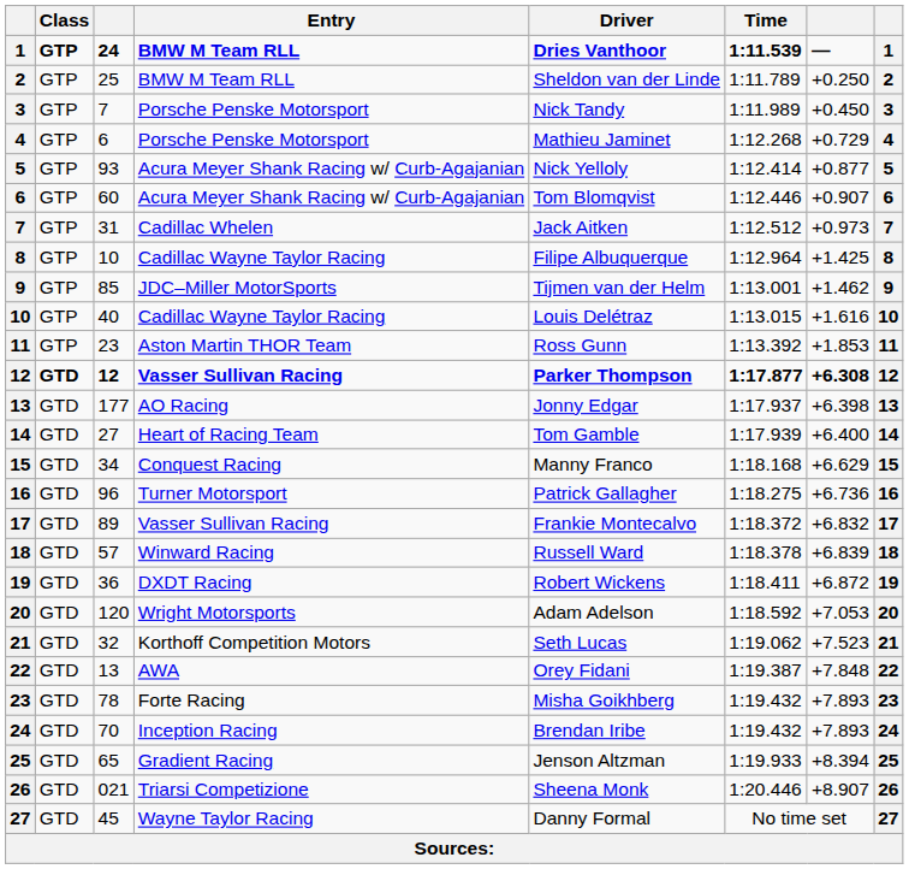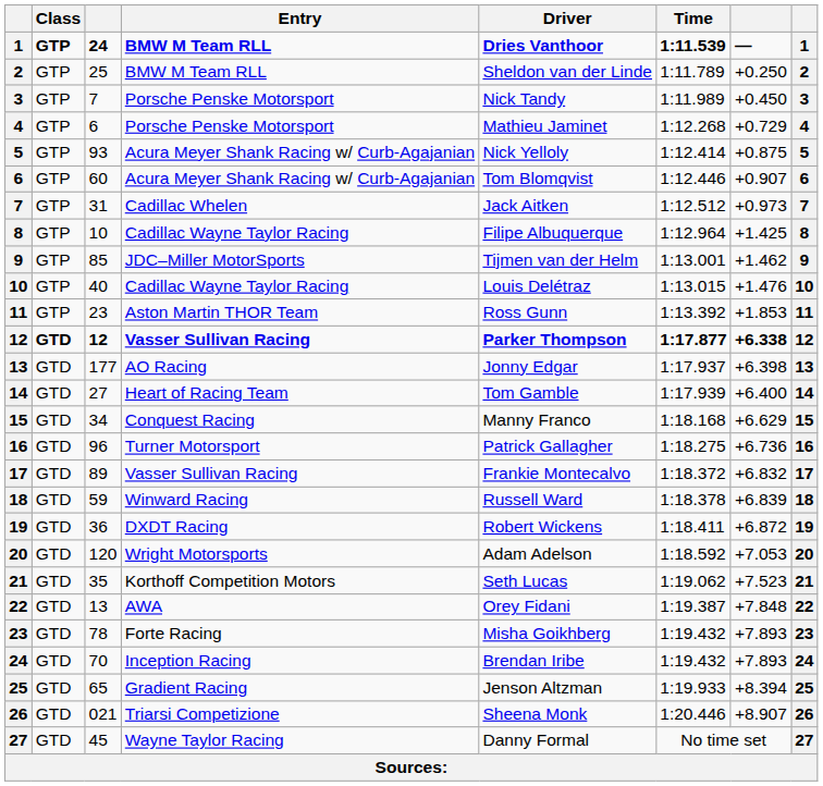 <table class="wikitable" style="font-size:90%;">
 <tr>
 <th></th>
 <th>Class</th>
 <th></th>
 <th>Entry</th>
 <th>Driver</th>
 <th>Time</th>
 <th></th>
 <th></th>
 </tr>
 <tr style="font-weight:bold;">
 <th>1</th>
 <td>GTP</td>
 <td>24</td>
 <td> <a href='#'>BMW M Team RLL</a></td>
 <td> <a href='#'>Dries Vanthoor</a></td>
 <td>1:11.539</td>
 <td>—</td>
 <th>1</th>
 </tr>
 <tr>
 <th>2</th>
 <td>GTP</td>
 <td>25</td>
 <td> <a href='#'>BMW M Team RLL</a></td>
 <td> <a href='#'>Sheldon van der Linde</a></td>
 <td>1:11.789</td>
 <td>+0.250</td>
 <th>2</th>
 </tr>
 <tr>
 <th>3</th>
 <td>GTP</td>
 <td>7</td>
 <td> <a href='#'>Porsche Penske Motorsport</a></td>
 <td> <a href='#'>Nick Tandy</a></td>
 <td>1:11.989</td>
 <td>+0.450</td>
 <th>3</th>
 </tr>
 <tr>
 <th>4</th>
 <td>GTP</td>
 <td>6</td>
 <td> <a href='#'>Porsche Penske Motorsport</a></td>
 <td> <a href='#'>Mathieu Jaminet</a></td>
 <td>1:12.268</td>
 <td>+0.729</td>
 <th>4</th>
 </tr>
 <tr>
 <th>5</th>
 <td>GTP</td>
 <td>93</td>
 <td> <a href='#'>Acura Meyer Shank Racing</a> w/ <a href='#'>Curb-Agajanian</a></td>
 <td> <a href='#'>Nick Yelloly</a></td>
 <td>1:12.414</td>
-<td>+0.877</td>
+<td>+0.875</td>
 <th>5</th>
 </tr>
 <tr>
 <th>6</th>
 <td>GTP</td>
 <td>60</td>
 <td> <a href='#'>Acura Meyer Shank Racing</a> w/ <a href='#'>Curb-Agajanian</a></td>
 <td> <a href='#'>Tom Blomqvist</a></td>
 <td>1:12.446</td>
 <td>+0.907</td>
 <th>6</th>
 </tr>
 <tr>
 <th>7</th>
 <td>GTP</td>
 <td>31</td>
 <td> <a href='#'>Cadillac Whelen</a></td>
 <td> <a href='#'>Jack Aitken</a></td>
 <td>1:12.512</td>
 <td>+0.973</td>
 <th>7</th>
 </tr>
 <tr>
 <th>8</th>
 <td>GTP</td>
 <td>10</td>
 <td> <a href='#'>Cadillac Wayne Taylor Racing</a></td>
 <td> <a href='#'>Filipe Albuquerque</a></td>
 <td>1:12.964</td>
 <td>+1.425</td>
 <th>8</th>
 </tr>
 <tr>
 <th>9</th>
 <td>GTP</td>
 <td>85</td>
 <td> <a href='#'>JDC–Miller MotorSports</a></td>
 <td> <a href='#'>Tijmen van der Helm</a></td>
 <td>1:13.001</td>
 <td>+1.462</td>
 <th>9</th>
 </tr>
 <tr>
 <th>10</th>
 <td>GTP</td>
 <td>40</td>
 <td> <a href='#'>Cadillac Wayne Taylor Racing</a></td>
 <td> <a href='#'>Louis Delétraz</a></td>
 <td>1:13.015</td>
-<td>+1.616</td>
+<td>+1.476</td>
 <th>10</th>
 </tr>
 <tr>
 <th>11</th>
 <td>GTP</td>
 <td>23</td>
 <td> <a href='#'>Aston Martin THOR Team</a></td>
 <td> <a href='#'>Ross Gunn</a></td>
 <td>1:13.392</td>
 <td>+1.853</td>
 <th>11</th>
 </tr>
 <tr style="font-weight:bold;">
 <th>12</th>
 <td>GTD</td>
 <td>12</td>
 <td> <a href='#'>Vasser Sullivan Racing</a></td>
 <td> <a href='#'>Parker Thompson</a></td>
 <td>1:17.877</td>
-<td>+6.308</td>
+<td>+6.338</td>
 <th>12</th>
 </tr>
 <tr>
 <th>13</th>
 <td>GTD</td>
 <td>177</td>
 <td> <a href='#'>AO Racing</a></td>
 <td> <a href='#'>Jonny Edgar</a></td>
 <td>1:17.937</td>
 <td>+6.398</td>
 <th>13</th>
 </tr>
 <tr>
 <th>14</th>
 <td>GTD</td>
 <td>27</td>
 <td> <a href='#'>Heart of Racing Team</a></td>
 <td> <a href='#'>Tom Gamble</a></td>
 <td>1:17.939</td>
 <td>+6.400</td>
 <th>14</th>
 </tr>
 <tr>
 <th>15</th>
 <td>GTD</td>
 <td>34</td>
 <td> <a href='#'>Conquest Racing</a></td>
 <td> Manny Franco</td>
 <td>1:18.168</td>
 <td>+6.629</td>
 <th>15</th>
 </tr>
 <tr>
 <th>16</th>
 <td>GTD</td>
 <td>96</td>
 <td> <a href='#'>Turner Motorsport</a></td>
 <td> <a href='#'>Patrick Gallagher</a></td>
 <td>1:18.275</td>
 <td>+6.736</td>
 <th>16</th>
 </tr>
 <tr>
 <th>17</th>
 <td>GTD</td>
 <td>89</td>
 <td> <a href='#'>Vasser Sullivan Racing</a></td>
 <td> <a href='#'>Frankie Montecalvo</a></td>
 <td>1:18.372</td>
 <td>+6.832</td>
 <th>17</th>
 </tr>
 <tr>
 <th>18</th>
 <td>GTD</td>
-<td>57</td>
+<td>59</td>
 <td> <a href='#'>Winward Racing</a></td>
 <td> <a href='#'>Russell Ward</a></td>
 <td>1:18.378</td>
 <td>+6.839</td>
 <th>18</th>
 </tr>
 <tr>
 <th>19</th>
 <td>GTD</td>
 <td>36</td>
 <td> <a href='#'>DXDT Racing</a></td>
 <td> <a href='#'>Robert Wickens</a></td>
 <td>1:18.411</td>
 <td>+6.872</td>
 <th>19</th>
 </tr>
 <tr>
 <th>20</th>
 <td>GTD</td>
 <td>120</td>
 <td> <a href='#'>Wright Motorsports</a></td>
 <td> Adam Adelson</td>
 <td>1:18.592</td>
 <td>+7.053</td>
 <th>20</th>
 </tr>
 <tr>
 <th>21</th>
 <td>GTD</td>
-<td>32</td>
+<td>35</td>
 <td> Korthoff Competition Motors</td>
 <td> <a href='#'>Seth Lucas</a></td>
 <td>1:19.062</td>
 <td>+7.523</td>
 <th>21</th>
 </tr>
 <tr>
 <th>22</th>
 <td>GTD</td>
 <td>13</td>
 <td> <a href='#'>AWA</a></td>
 <td> <a href='#'>Orey Fidani</a></td>
 <td>1:19.387</td>
 <td>+7.848</td>
 <th>22</th>
 </tr>
 <tr>
 <th>23</th>
 <td>GTD</td>
 <td>78</td>
 <td> Forte Racing</td>
 <td> <a href='#'>Misha Goikhberg</a></td>
 <td>1:19.432</td>
 <td>+7.893</td>
 <th>23</th>
 </tr>
 <tr>
 <th>24</th>
 <td>GTD</td>
 <td>70</td>
 <td> <a href='#'>Inception Racing</a></td>
 <td> <a href='#'>Brendan Iribe</a></td>
 <td>1:19.432</td>
 <td>+7.893</td>
 <th>24</th>
 </tr>
 <tr>
 <th>25</th>
 <td>GTD</td>
 <td>65</td>
 <td> <a href='#'>Gradient Racing</a></td>
 <td> Jenson Altzman</td>
 <td>1:19.933</td>
 <td>+8.394</td>
 <th>25</th>
 </tr>
 <tr>
 <th>26</th>
 <td>GTD</td>
 <td>021</td>
 <td> <a href='#'>Triarsi Competizione</a></td>
 <td> <a href='#'>Sheena Monk</a></td>
 <td>1:20.446</td>
 <td>+8.907</td>
 <th>26</th>
 </tr>
 <tr>
 <th>27</th>
 <td>GTD</td>
 <td>45</td>
 <td> <a href='#'>Wayne Taylor Racing</a></td>
 <td> Danny Formal</td>
 <td colspan=2 align=center>No time set</td>
 <th>27</th>
 </tr>
 <tr>
 <th colspan=8>Sources:</th>
 </tr>
 </table>
